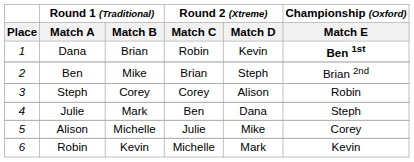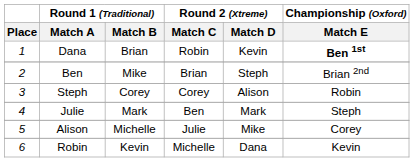 <table class="wikitable" style="text-align:center;">
 <tr>
 <th colspan="1" style="background: #ffffff;"></th>
 <th colspan="2" style="background: #ffffff;" style="border: 1px solid blue;">Round 1 <small><em>(Traditional)</em></small></th>
 <th colspan="2" style="background: #ffffff;" style="border: 1px solid red;">Round 2 <small><em>(Xtreme)</em></small></th>
 <th colspan="1" style="background: #ffffff;" style="border: 1px solid gold;">Championship <small><em>(Oxford)</em></small></th>
 </tr>
 <tr>
 <th style="width:10px;">Place</th>
 <th style="width:83px;">Match A</th>
 <th style="width:75px;">Match B</th>
 <th style="width:75px;">Match C</th>
 <th style="width:75px;">Match D</th>
 <th colspan="2">Match E</th>
 </tr>
 <tr style="background:#ffffff;">
 <td align=center><em>1</em></td>
 <td>Dana</td>
 <td>Brian</td>
 <td>Robin</td>
 <td>Kevin</td>
 <td><strong>Ben <sup>1st</sup></strong></td>
 </tr>
 <tr>
 </tr>
 <tr style="background:#ffffff;">
 <td align=center><em>2</em></td>
 <td>Ben</td>
 <td>Mike</td>
 <td>Brian</td>
 <td>Steph</td>
 <td>Brian <sup>2nd</sup></td>
 </tr>
 <tr>
 </tr>
 <tr style="background:#ffffff;">
 <td align=center><em>3</em></td>
 <td>Steph</td>
 <td>Corey</td>
 <td>Corey</td>
 <td>Alison</td>
 <td>Robin</td>
 </tr>
 <tr>
 </tr>
 <tr style="background:#ffffff;">
 <td align=center><em>4</em></td>
 <td>Julie</td>
 <td>Mark</td>
 <td>Ben</td>
-<td>Dana</td>
+<td>Mark</td>
 <td>Steph</td>
 </tr>
 <tr>
 </tr>
 <tr style="background:#ffffff;">
 <td align=center><em>5</em></td>
 <td>Alison</td>
 <td>Michelle</td>
 <td>Julie</td>
 <td>Mike</td>
 <td>Corey</td>
 </tr>
 <tr>
 </tr>
 <tr style="background:#ffffff;">
 <td align=center><em>6</em></td>
 <td>Robin</td>
 <td>Kevin</td>
 <td>Michelle</td>
-<td>Mark</td>
+<td>Dana</td>
 <td>Kevin</td>
 </tr>
 </table>
